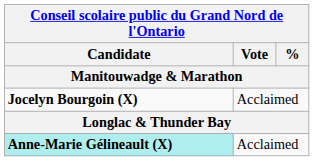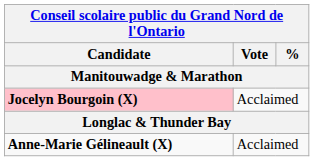 <table class="wikitable">
 <tr>
 <th colspan="3"><strong><a href='#'>Conseil scolaire public du Grand Nord de l'Ontario</a></strong></th>
 </tr>
 <tr>
 <th bgcolor="#DDDDFF" width="250px">Candidate</th>
 <th bgcolor="#DDDDFF" width="40px">Vote</th>
 <th bgcolor="#DDDDFF" width="30px">%</th>
 </tr>
 <tr>
 <th colspan="3">Manitouwadge & Marathon</th>
 </tr>
 <tr>
-<td><strong>Jocelyn Bourgoin (X)</strong></td>
+<td style="background: pink;"><strong>Jocelyn Bourgoin (X)</strong></td>
 <td colspan="2">Acclaimed</td>
 </tr>
 <tr>
 <th colspan="3">Longlac & Thunder Bay</th>
 </tr>
 <tr>
-<td style="background: paleturquoise;"><strong>Anne-Marie Gélineault (X)</strong></td>
+<td><strong>Anne-Marie Gélineault (X)</strong></td>
 <td colspan="2">Acclaimed</td>
 </tr>
 </table>
